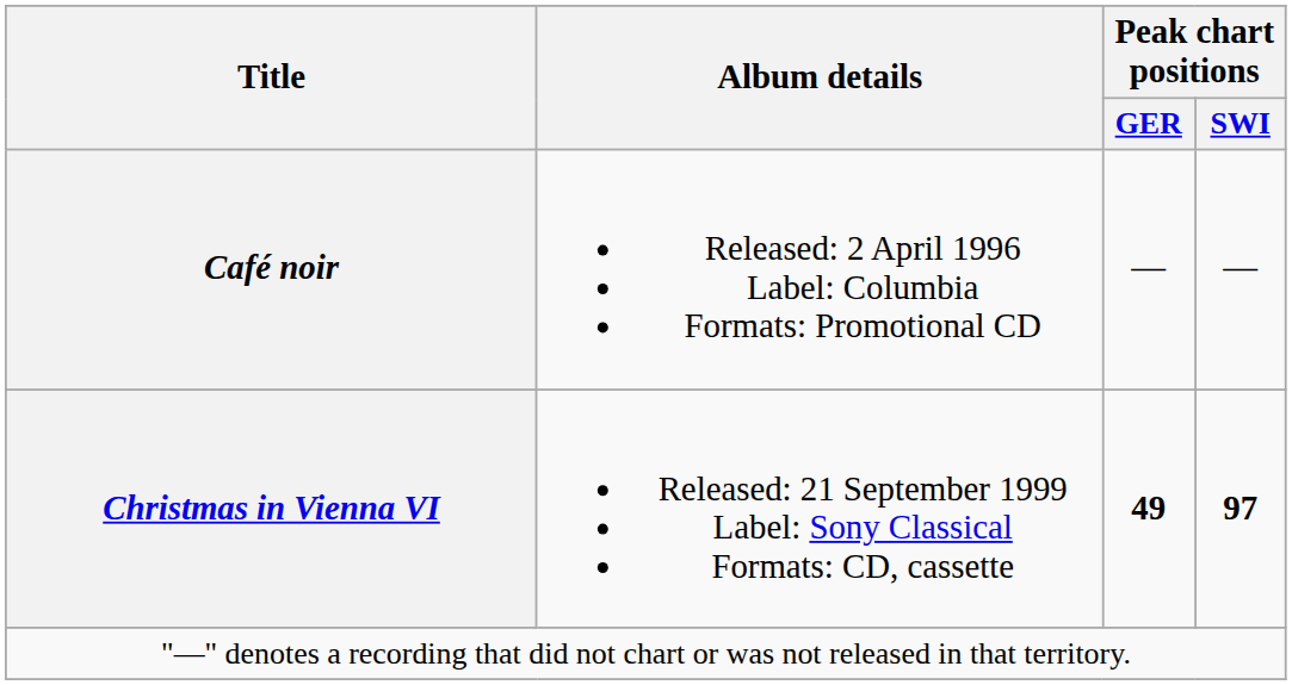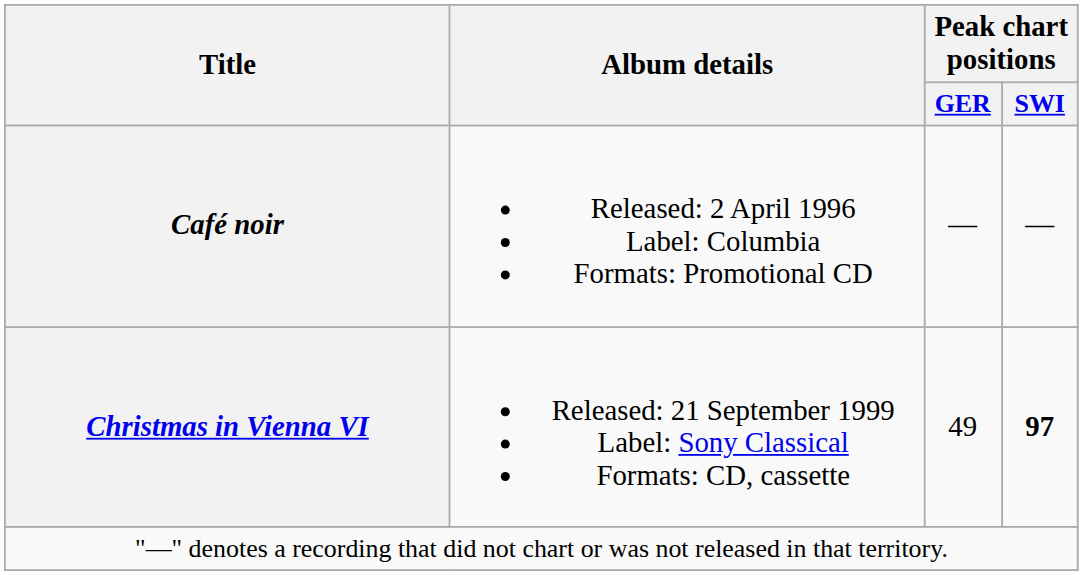 <table class="wikitable plainrowheaders" style="text-align:center;">
 <tr>
 <th scope="col" rowspan="2" style="width:15em;">Title</th>
 <th scope="col" rowspan="2" style="width:16em;">Album details</th>
 <th scope="col" colspan="2">Peak chart positions</th>
 </tr>
 <tr>
 <th scope="col" style="width:2.5em;font-size:90%;"><a href='#'>GER</a><br></th>
 <th scope="col" style="width:2.5em;font-size:90%;"><a href='#'>SWI</a><br></th>
 </tr>
 <tr>
 <th scope="row"><em>Café noir</em></th>
 <td><br><ul><li>Released: 2 April 1996</li><li>Label: Columbia</li><li>Formats: Promotional CD</li></ul></td>
 <td>—</td>
 <td>—</td>
 </tr>
 <tr>
 <th scope="row"><em><a href='#'>Christmas in Vienna VI</a></em></th>
 <td><br><ul><li>Released: 21 September 1999</li><li>Label: <a href='#'>Sony Classical</a></li><li>Formats: CD, cassette</li></ul></td>
-<td><strong>49</strong></td>
+<td>49</td>
 <td><strong>97</strong></td>
 </tr>
 <tr>
 <td colspan="15" style="font-size:90%">"—" denotes a recording that did not chart or was not released in that territory.</td>
 </tr>
 </table>
